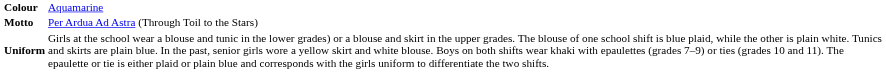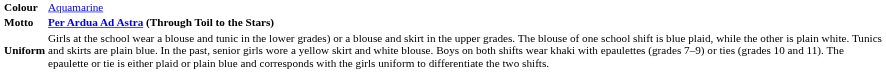 <table>
 <tr>
 <td><strong>Colour</strong></td>
 <td><a href='#'>Aquamarine</a></td>
 </tr>
 <tr>
 <td><strong>Motto</strong></td>
-<td><a href='#'>Per Ardua Ad Astra</a> (Through Toil to the Stars)</td>
+<td><strong><a href='#'>Per Ardua Ad Astra</a> (Through Toil to the Stars)</strong></td>
 </tr>
 <tr>
 <td><strong>Uniform</strong></td>
 <td>Girls at the school wear a blouse and tunic in the lower grades) or a blouse and skirt in the upper grades. The blouse of one school shift is blue plaid, while the other is plain white. Tunics and skirts are plain blue. In the past, senior girls wore a yellow skirt and white blouse. Boys on both shifts wear khaki with epaulettes (grades 7–9) or ties (grades 10 and 11). The epaulette or tie is either plaid or plain blue and corresponds with the  girls uniform to differentiate the two shifts.</td>
 </tr>
 </table>
